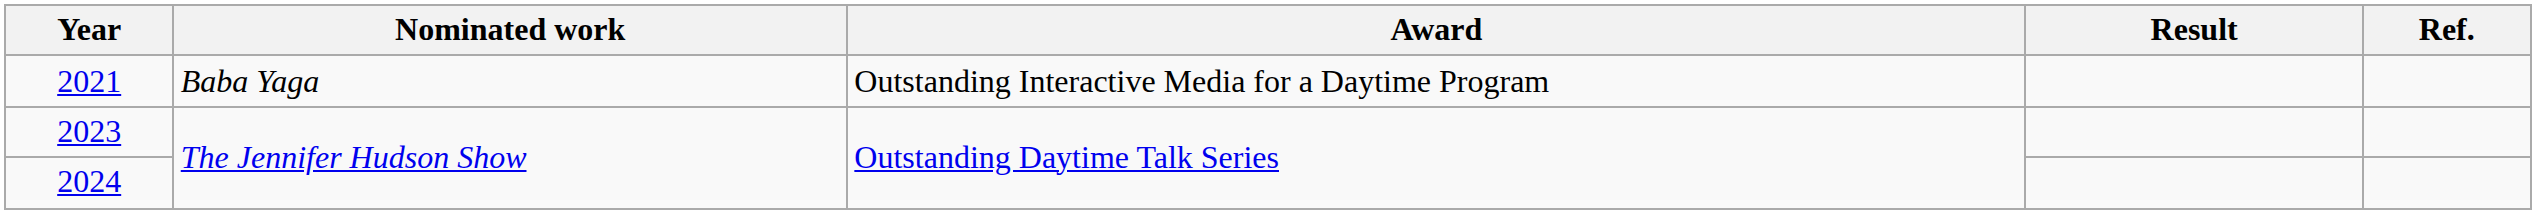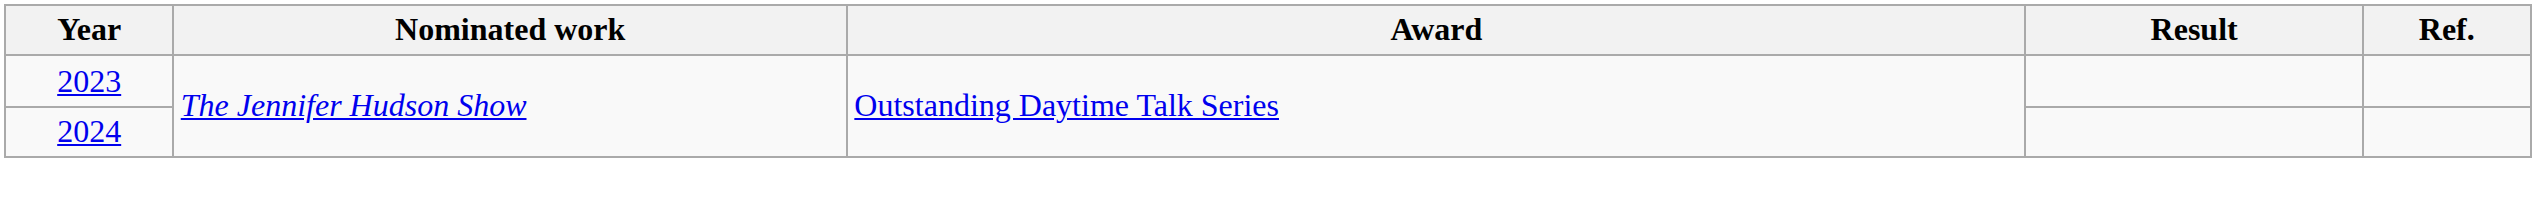 <table class="wikitable" style="width:100%;">
 <tr>
 <th style="width:5%;">Year</th>
 <th style="width:20%;">Nominated work</th>
 <th style="width:35%;">Award</th>
 <th style="width:10%;">Result</th>
 <th style="width:5%;">Ref.</th>
-</tr>
-<tr>
-<td align="center"><a href='#'>2021</a></td>
-<td><em>Baba Yaga</em></td>
-<td>Outstanding Interactive Media for a Daytime Program</td>
-<td></td>
-<td align="center"></td>
 </tr>
 <tr>
 <td align="center"><a href='#'>2023</a></td>
 <td rowspan="2"><em><a href='#'>The Jennifer Hudson Show</a></em></td>
 <td rowspan="2"><a href='#'>Outstanding Daytime Talk Series</a></td>
 <td></td>
 <td align="center"></td>
 </tr>
 <tr>
 <td align="center"><a href='#'>2024</a></td>
 <td></td>
 <td align="center"></td>
 </tr>
 </table>
